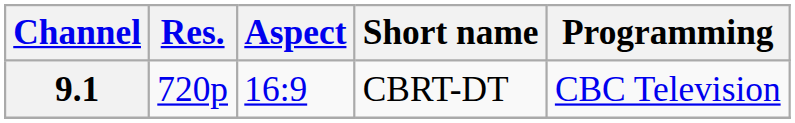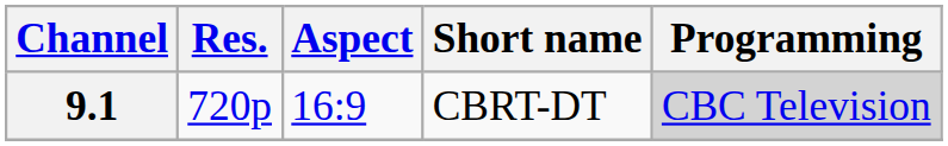 <table class="wikitable">
 <tr>
 <th scope = "col"><a href='#'>Channel</a></th>
 <th scope = "col"><a href='#'>Res.</a></th>
 <th scope = "col"><a href='#'>Aspect</a></th>
 <th scope = "col">Short name</th>
 <th scope = "col">Programming</th>
 </tr>
 <tr>
 <th scope = "row">9.1</th>
 <td><a href='#'>720p</a></td>
 <td><a href='#'>16:9</a></td>
 <td>CBRT-DT</td>
-<td><a href='#'>CBC Television</a></td>
+<td style="background: lightgrey;"><a href='#'>CBC Television</a></td>
 </tr>
 <tr>
 </tr>
 </table>
